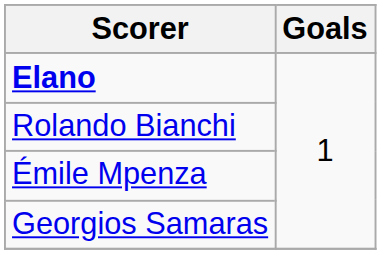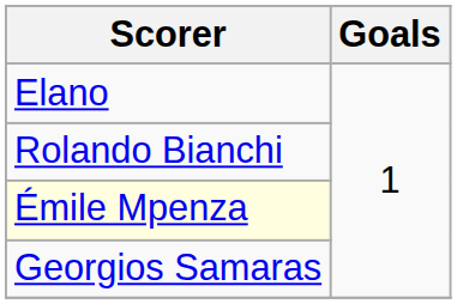 <table class="wikitable">
 <tr>
 <th>Scorer</th>
 <th>Goals</th>
 </tr>
 <tr>
-<td><strong> <a href='#'>Elano</a></strong></td>
+<td> <a href='#'>Elano</a></td>
 <td rowspan="4" align=center>1</td>
 </tr>
 <tr>
 <td> <a href='#'>Rolando Bianchi</a></td>
 </tr>
 <tr>
-<td> <a href='#'>Émile Mpenza</a></td>
+<td style="background: lightyellow;"> <a href='#'>Émile Mpenza</a></td>
 </tr>
 <tr>
 <td> <a href='#'>Georgios Samaras</a></td>
 </tr>
 <tr>
 </tr>
 </table>
